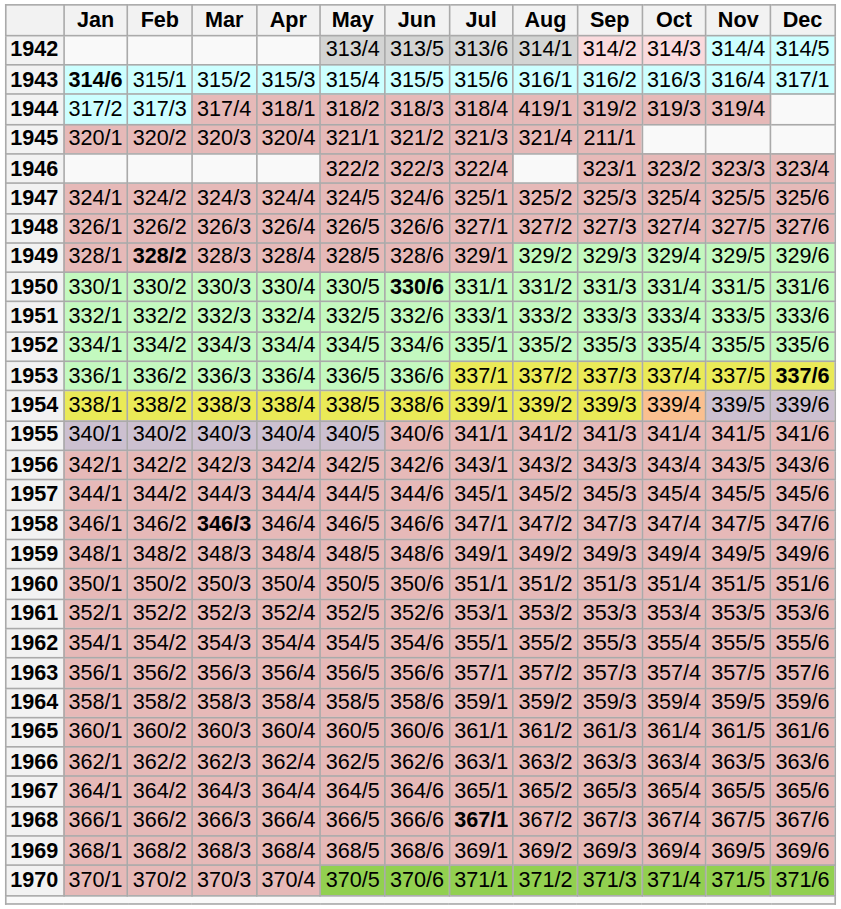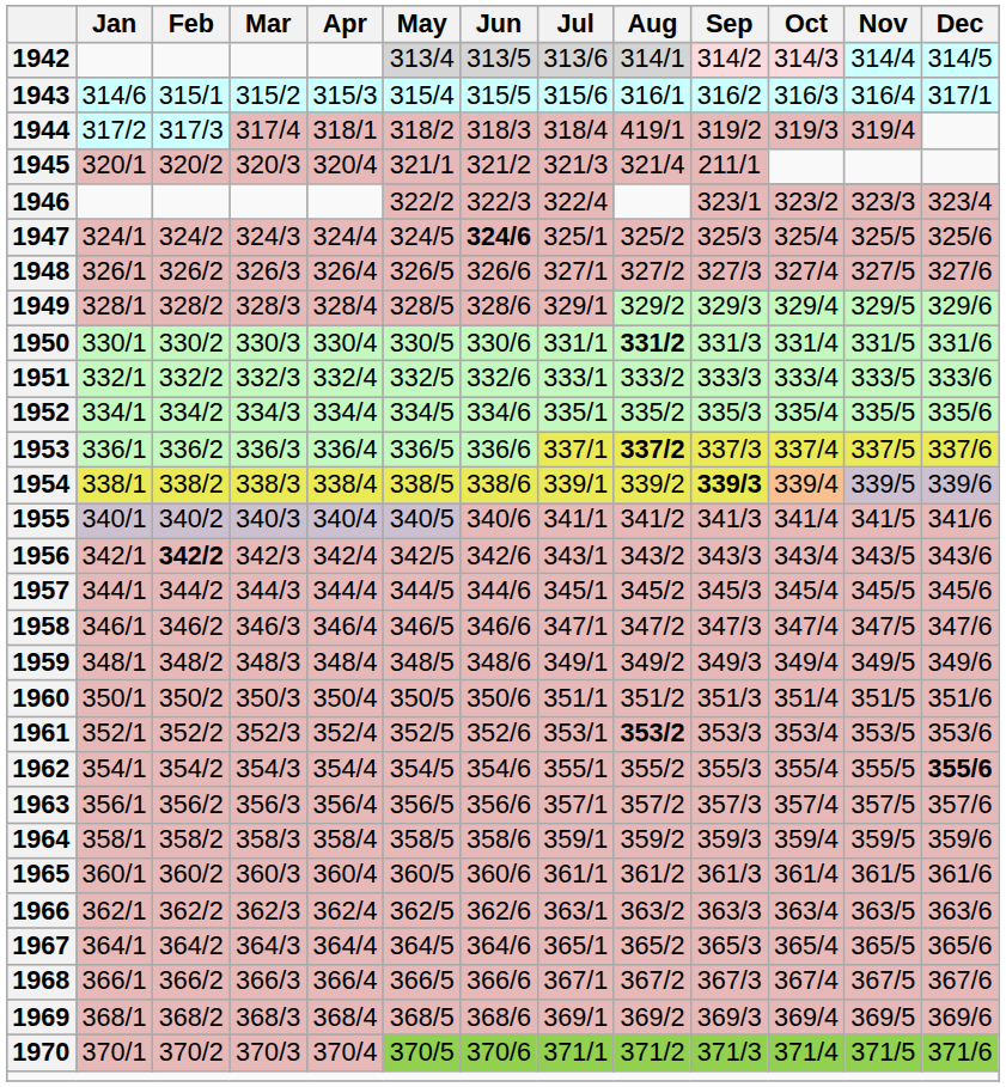 <table class="wikitable mw-collapsible collapsible mw-collapsed" style="max-width:400px; font-size: 10pt; line-height: 9pt; margin-left: 2em; text-align: center; float: right">
 <tr>
 <th></th>
 <th>Jan</th>
 <th>Feb</th>
 <th>Mar</th>
 <th>Apr</th>
 <th>May</th>
 <th>Jun</th>
 <th>Jul</th>
 <th>Aug</th>
 <th>Sep</th>
 <th>Oct</th>
 <th>Nov</th>
 <th>Dec</th>
 </tr>
 <tr>
 <th>1942</th>
 <td></td>
 <td></td>
 <td></td>
 <td></td>
 <td bgcolor="#d3d4d3">313/4</td>
 <td bgcolor="#d3d4d3">313/5</td>
 <td bgcolor="#d3d4d3">313/6</td>
 <td bgcolor="#d3d4d3">314/1</td>
 <td bgcolor="#fadadd">314/2</td>
 <td bgcolor="#fadadd">314/3</td>
 <td bgcolor="#ccffff">314/4</td>
 <td bgcolor="#ccffff">314/5</td>
 </tr>
 <tr>
 <th>1943</th>
-<td bgcolor="#ccffff"><strong>314/6</strong></td>
+<td bgcolor="#ccffff">314/6</td>
 <td bgcolor="#ccffff">315/1</td>
 <td bgcolor="#ccffff">315/2</td>
 <td bgcolor="#ccffff">315/3</td>
 <td bgcolor="#ccffff">315/4</td>
 <td bgcolor="#ccffff">315/5</td>
 <td bgcolor="#ccffff">315/6</td>
 <td bgcolor="#ccffff">316/1</td>
 <td bgcolor="#ccffff">316/2</td>
 <td bgcolor="#ccffff">316/3</td>
 <td bgcolor="#ccffff">316/4</td>
 <td bgcolor="#ccffff">317/1</td>
 </tr>
 <tr>
 <th>1944</th>
 <td bgcolor="#ccffff">317/2</td>
 <td bgcolor="#ccffff">317/3</td>
 <td bgcolor="#e6b9b8">317/4</td>
 <td bgcolor="#e6b9b8">318/1</td>
 <td bgcolor="#e6b9b8">318/2</td>
 <td bgcolor="#e6b9b8">318/3</td>
 <td bgcolor="#e6b9b8">318/4</td>
 <td bgcolor="#e6b9b8">419/1</td>
 <td bgcolor="#e6b9b8">319/2</td>
 <td bgcolor="#e6b9b8">319/3</td>
 <td bgcolor="#e6b9b8">319/4</td>
 <td></td>
 </tr>
 <tr>
 <th>1945</th>
 <td bgcolor="#e6b9b8">320/1</td>
 <td bgcolor="#e6b9b8">320/2</td>
 <td bgcolor="#e6b9b8">320/3</td>
 <td bgcolor="#e6b9b8">320/4</td>
 <td bgcolor="#e6b9b8">321/1</td>
 <td bgcolor="#e6b9b8">321/2</td>
 <td bgcolor="#e6b9b8">321/3</td>
 <td bgcolor="#e6b9b8">321/4</td>
 <td bgcolor="#e6b9b8">211/1</td>
 <td></td>
 <td></td>
 <td></td>
 </tr>
 <tr>
 <th>1946</th>
 <td></td>
 <td></td>
 <td></td>
 <td></td>
 <td bgcolor="#e6b9b8">322/2</td>
 <td bgcolor="#e6b9b8">322/3</td>
 <td bgcolor="#e6b9b8">322/4</td>
 <td></td>
 <td bgcolor="#e6b9b8">323/1</td>
 <td bgcolor="#e6b9b8">323/2</td>
 <td bgcolor="#e6b9b8">323/3</td>
 <td bgcolor="#e6b9b8">323/4</td>
 </tr>
 <tr>
 <th>1947</th>
 <td bgcolor="#e6b9b8">324/1</td>
 <td bgcolor="#e6b9b8">324/2</td>
 <td bgcolor="#e6b9b8">324/3</td>
 <td bgcolor="#e6b9b8">324/4</td>
 <td bgcolor="#e6b9b8">324/5</td>
-<td bgcolor="#e6b9b8">324/6</td>
+<td bgcolor="#e6b9b8"><strong>324/6</strong></td>
 <td bgcolor="#e6b9b8">325/1</td>
 <td bgcolor="#e6b9b8">325/2</td>
 <td bgcolor="#e6b9b8">325/3</td>
 <td bgcolor="#e6b9b8">325/4</td>
 <td bgcolor="#e6b9b8">325/5</td>
 <td bgcolor="#e6b9b8">325/6</td>
 </tr>
 <tr>
 <th>1948</th>
 <td bgcolor="#e6b9b8">326/1</td>
 <td bgcolor="#e6b9b8">326/2</td>
 <td bgcolor="#e6b9b8">326/3</td>
 <td bgcolor="#e6b9b8">326/4</td>
 <td bgcolor="#e6b9b8">326/5</td>
 <td bgcolor="#e6b9b8">326/6</td>
 <td bgcolor="#e6b9b8">327/1</td>
 <td bgcolor="#e6b9b8">327/2</td>
 <td bgcolor="#e6b9b8">327/3</td>
 <td bgcolor="#e6b9b8">327/4</td>
 <td bgcolor="#e6b9b8">327/5</td>
 <td bgcolor="#e6b9b8">327/6</td>
 </tr>
 <tr>
 <th>1949</th>
 <td bgcolor="#e6b9b8">328/1</td>
-<td bgcolor="#e6b9b8"><strong>328/2</strong></td>
+<td bgcolor="#e6b9b8">328/2</td>
 <td bgcolor="#e6b9b8">328/3</td>
 <td bgcolor="#e6b9b8">328/4</td>
 <td bgcolor="#e6b9b8">328/5</td>
 <td bgcolor="#e6b9b8">328/6</td>
 <td bgcolor="#e6b9b8">329/1</td>
 <td bgcolor="#c3f9bf">329/2</td>
 <td bgcolor="#c3f9bf">329/3</td>
 <td bgcolor="#c3f9bf">329/4</td>
 <td bgcolor="#c3f9bf">329/5</td>
 <td bgcolor="#c3f9bf">329/6</td>
 </tr>
 <tr>
 <th>1950</th>
 <td bgcolor="#c3f9bf">330/1</td>
 <td bgcolor="#c3f9bf">330/2</td>
 <td bgcolor="#c3f9bf">330/3</td>
 <td bgcolor="#c3f9bf">330/4</td>
 <td bgcolor="#c3f9bf">330/5</td>
-<td bgcolor="#c3f9bf"><strong>330/6</strong></td>
+<td bgcolor="#c3f9bf">330/6</td>
 <td bgcolor="#c3f9bf">331/1</td>
-<td bgcolor="#c3f9bf">331/2</td>
+<td bgcolor="#c3f9bf"><strong>331/2</strong></td>
 <td bgcolor="#c3f9bf">331/3</td>
 <td bgcolor="#c3f9bf">331/4</td>
 <td bgcolor="#c3f9bf">331/5</td>
 <td bgcolor="#c3f9bf">331/6</td>
 </tr>
 <tr>
 <th>1951</th>
 <td bgcolor="#c3f9bf">332/1</td>
 <td bgcolor="#c3f9bf">332/2</td>
 <td bgcolor="#c3f9bf">332/3</td>
 <td bgcolor="#c3f9bf">332/4</td>
 <td bgcolor="#c3f9bf">332/5</td>
 <td bgcolor="#c3f9bf">332/6</td>
 <td bgcolor="#c3f9bf">333/1</td>
 <td bgcolor="#c3f9bf">333/2</td>
 <td bgcolor="#c3f9bf">333/3</td>
 <td bgcolor="#c3f9bf">333/4</td>
 <td bgcolor="#c3f9bf">333/5</td>
 <td bgcolor="#c3f9bf">333/6</td>
 </tr>
 <tr>
 <th>1952</th>
 <td bgcolor="#c3f9bf">334/1</td>
 <td bgcolor="#c3f9bf">334/2</td>
 <td bgcolor="#c3f9bf">334/3</td>
 <td bgcolor="#c3f9bf">334/4</td>
 <td bgcolor="#c3f9bf">334/5</td>
 <td bgcolor="#c3f9bf">334/6</td>
 <td bgcolor="#c3f9bf">335/1</td>
 <td bgcolor="#c3f9bf">335/2</td>
 <td bgcolor="#c3f9bf">335/3</td>
 <td bgcolor="#c3f9bf">335/4</td>
 <td bgcolor="#c3f9bf">335/5</td>
 <td bgcolor="#c3f9bf">335/6</td>
 </tr>
 <tr>
 <th>1953</th>
 <td bgcolor="#c3f9bf">336/1</td>
 <td bgcolor="#c3f9bf">336/2</td>
 <td bgcolor="#c3f9bf">336/3</td>
 <td bgcolor="#c3f9bf">336/4</td>
 <td bgcolor="#c3f9bf">336/5</td>
 <td bgcolor="#c3f9bf">336/6</td>
 <td bgcolor="#eaea57">337/1</td>
-<td bgcolor="#eaea57">337/2</td>
+<td bgcolor="#eaea57"><strong>337/2</strong></td>
 <td bgcolor="#eaea57">337/3</td>
 <td bgcolor="#eaea57">337/4</td>
 <td bgcolor="#eaea57">337/5</td>
-<td bgcolor="#eaea57"><strong>337/6</strong></td>
+<td bgcolor="#eaea57">337/6</td>
 </tr>
 <tr>
 <th>1954</th>
 <td bgcolor="#eaea57">338/1</td>
 <td bgcolor="#eaea57">338/2</td>
 <td bgcolor="#eaea57">338/3</td>
 <td bgcolor="#eaea57">338/4</td>
 <td bgcolor="#eaea57">338/5</td>
 <td bgcolor="#eaea57">338/6</td>
 <td bgcolor="#eaea57">339/1</td>
 <td bgcolor="#eaea57">339/2</td>
-<td bgcolor="#eaea57">339/3</td>
+<td bgcolor="#eaea57"><strong>339/3</strong></td>
 <td bgcolor="#fac090">339/4</td>
 <td bgcolor="#ccc0d0">339/5</td>
 <td bgcolor="#ccc0d0">339/6</td>
 </tr>
 <tr>
 <th>1955</th>
 <td bgcolor="#ccc0d0">340/1</td>
 <td bgcolor="#ccc0d0">340/2</td>
 <td bgcolor="#ccc0d0">340/3</td>
 <td bgcolor="#ccc0d0">340/4</td>
 <td bgcolor="#ccc0d0">340/5</td>
 <td bgcolor="#e6b9b8">340/6</td>
 <td bgcolor="#e6b9b8">341/1</td>
 <td bgcolor="#e6b9b8">341/2</td>
 <td bgcolor="#e6b9b8">341/3</td>
 <td bgcolor="#e6b9b8">341/4</td>
 <td bgcolor="#e6b9b8">341/5</td>
 <td bgcolor="#e6b9b8">341/6</td>
 </tr>
 <tr>
 <th>1956</th>
 <td bgcolor="#e6b9b8">342/1</td>
-<td bgcolor="#e6b9b8">342/2</td>
+<td bgcolor="#e6b9b8"><strong>342/2</strong></td>
 <td bgcolor="#e6b9b8">342/3</td>
 <td bgcolor="#e6b9b8">342/4</td>
 <td bgcolor="#e6b9b8">342/5</td>
 <td bgcolor="#e6b9b8">342/6</td>
 <td bgcolor="#e6b9b8">343/1</td>
 <td bgcolor="#e6b9b8">343/2</td>
 <td bgcolor="#e6b9b8">343/3</td>
 <td bgcolor="#e6b9b8">343/4</td>
 <td bgcolor="#e6b9b8">343/5</td>
 <td bgcolor="#e6b9b8">343/6</td>
 </tr>
 <tr>
 <th>1957</th>
 <td bgcolor="#e6b9b8">344/1</td>
 <td bgcolor="#e6b9b8">344/2</td>
 <td bgcolor="#e6b9b8">344/3</td>
 <td bgcolor="#e6b9b8">344/4</td>
 <td bgcolor="#e6b9b8">344/5</td>
 <td bgcolor="#e6b9b8">344/6</td>
 <td bgcolor="#e6b9b8">345/1</td>
 <td bgcolor="#e6b9b8">345/2</td>
 <td bgcolor="#e6b9b8">345/3</td>
 <td bgcolor="#e6b9b8">345/4</td>
 <td bgcolor="#e6b9b8">345/5</td>
 <td bgcolor="#e6b9b8">345/6</td>
 </tr>
 <tr>
 <th>1958</th>
 <td bgcolor="#e6b9b8">346/1</td>
 <td bgcolor="#e6b9b8">346/2</td>
-<td bgcolor="#e6b9b8"><strong>346/3</strong></td>
+<td bgcolor="#e6b9b8">346/3</td>
 <td bgcolor="#e6b9b8">346/4</td>
 <td bgcolor="#e6b9b8">346/5</td>
 <td bgcolor="#e6b9b8">346/6</td>
 <td bgcolor="#e6b9b8">347/1</td>
 <td bgcolor="#e6b9b8">347/2</td>
 <td bgcolor="#e6b9b8">347/3</td>
 <td bgcolor="#e6b9b8">347/4</td>
 <td bgcolor="#e6b9b8">347/5</td>
 <td bgcolor="#e6b9b8">347/6</td>
 </tr>
 <tr>
 <th>1959</th>
 <td bgcolor="#e6b9b8">348/1</td>
 <td bgcolor="#e6b9b8">348/2</td>
 <td bgcolor="#e6b9b8">348/3</td>
 <td bgcolor="#e6b9b8">348/4</td>
 <td bgcolor="#e6b9b8">348/5</td>
 <td bgcolor="#e6b9b8">348/6</td>
 <td bgcolor="#e6b9b8">349/1</td>
 <td bgcolor="#e6b9b8">349/2</td>
 <td bgcolor="#e6b9b8">349/3</td>
 <td bgcolor="#e6b9b8">349/4</td>
 <td bgcolor="#e6b9b8">349/5</td>
 <td bgcolor="#e6b9b8">349/6</td>
 </tr>
 <tr>
 <th>1960</th>
 <td bgcolor="#e6b9b8">350/1</td>
 <td bgcolor="#e6b9b8">350/2</td>
 <td bgcolor="#e6b9b8">350/3</td>
 <td bgcolor="#e6b9b8">350/4</td>
 <td bgcolor="#e6b9b8">350/5</td>
 <td bgcolor="#e6b9b8">350/6</td>
 <td bgcolor="#e6b9b8">351/1</td>
 <td bgcolor="#e6b9b8">351/2</td>
 <td bgcolor="#e6b9b8">351/3</td>
 <td bgcolor="#e6b9b8">351/4</td>
 <td bgcolor="#e6b9b8">351/5</td>
 <td bgcolor="#e6b9b8">351/6</td>
 </tr>
 <tr>
 <th>1961</th>
 <td bgcolor="#e6b9b8">352/1</td>
 <td bgcolor="#e6b9b8">352/2</td>
 <td bgcolor="#e6b9b8">352/3</td>
 <td bgcolor="#e6b9b8">352/4</td>
 <td bgcolor="#e6b9b8">352/5</td>
 <td bgcolor="#e6b9b8">352/6</td>
 <td bgcolor="#e6b9b8">353/1</td>
-<td bgcolor="#e6b9b8">353/2</td>
+<td bgcolor="#e6b9b8"><strong>353/2</strong></td>
 <td bgcolor="#e6b9b8">353/3</td>
 <td bgcolor="#e6b9b8">353/4</td>
 <td bgcolor="#e6b9b8">353/5</td>
 <td bgcolor="#e6b9b8">353/6</td>
 </tr>
 <tr>
 <th>1962</th>
 <td bgcolor="#e6b9b8">354/1</td>
 <td bgcolor="#e6b9b8">354/2</td>
 <td bgcolor="#e6b9b8">354/3</td>
 <td bgcolor="#e6b9b8">354/4</td>
 <td bgcolor="#e6b9b8">354/5</td>
 <td bgcolor="#e6b9b8">354/6</td>
 <td bgcolor="#e6b9b8">355/1</td>
 <td bgcolor="#e6b9b8">355/2</td>
 <td bgcolor="#e6b9b8">355/3</td>
 <td bgcolor="#e6b9b8">355/4</td>
 <td bgcolor="#e6b9b8">355/5</td>
-<td bgcolor="#e6b9b8">355/6</td>
+<td bgcolor="#e6b9b8"><strong>355/6</strong></td>
 </tr>
 <tr>
 <th>1963</th>
 <td bgcolor="#e6b9b8">356/1</td>
 <td bgcolor="#e6b9b8">356/2</td>
 <td bgcolor="#e6b9b8">356/3</td>
 <td bgcolor="#e6b9b8">356/4</td>
 <td bgcolor="#e6b9b8">356/5</td>
 <td bgcolor="#e6b9b8">356/6</td>
 <td bgcolor="#e6b9b8">357/1</td>
 <td bgcolor="#e6b9b8">357/2</td>
 <td bgcolor="#e6b9b8">357/3</td>
 <td bgcolor="#e6b9b8">357/4</td>
 <td bgcolor="#e6b9b8">357/5</td>
 <td bgcolor="#e6b9b8">357/6</td>
 </tr>
 <tr>
 <th>1964</th>
 <td bgcolor="#e6b9b8">358/1</td>
 <td bgcolor="#e6b9b8">358/2</td>
 <td bgcolor="#e6b9b8">358/3</td>
 <td bgcolor="#e6b9b8">358/4</td>
 <td bgcolor="#e6b9b8">358/5</td>
 <td bgcolor="#e6b9b8">358/6</td>
 <td bgcolor="#e6b9b8">359/1</td>
 <td bgcolor="#e6b9b8">359/2</td>
 <td bgcolor="#e6b9b8">359/3</td>
 <td bgcolor="#e6b9b8">359/4</td>
 <td bgcolor="#e6b9b8">359/5</td>
 <td bgcolor="#e6b9b8">359/6</td>
 </tr>
 <tr>
 <th>1965</th>
 <td bgcolor="#e6b9b8">360/1</td>
 <td bgcolor="#e6b9b8">360/2</td>
 <td bgcolor="#e6b9b8">360/3</td>
 <td bgcolor="#e6b9b8">360/4</td>
 <td bgcolor="#e6b9b8">360/5</td>
 <td bgcolor="#e6b9b8">360/6</td>
 <td bgcolor="#e6b9b8">361/1</td>
 <td bgcolor="#e6b9b8">361/2</td>
 <td bgcolor="#e6b9b8">361/3</td>
 <td bgcolor="#e6b9b8">361/4</td>
 <td bgcolor="#e6b9b8">361/5</td>
 <td bgcolor="#e6b9b8">361/6</td>
 </tr>
 <tr>
 <th>1966</th>
 <td bgcolor="#e6b9b8">362/1</td>
 <td bgcolor="#e6b9b8">362/2</td>
 <td bgcolor="#e6b9b8">362/3</td>
 <td bgcolor="#e6b9b8">362/4</td>
 <td bgcolor="#e6b9b8">362/5</td>
 <td bgcolor="#e6b9b8">362/6</td>
 <td bgcolor="#e6b9b8">363/1</td>
 <td bgcolor="#e6b9b8">363/2</td>
 <td bgcolor="#e6b9b8">363/3</td>
 <td bgcolor="#e6b9b8">363/4</td>
 <td bgcolor="#e6b9b8">363/5</td>
 <td bgcolor="#e6b9b8">363/6</td>
 </tr>
 <tr>
 <th>1967</th>
 <td bgcolor="#e6b9b8">364/1</td>
 <td bgcolor="#e6b9b8">364/2</td>
 <td bgcolor="#e6b9b8">364/3</td>
 <td bgcolor="#e6b9b8">364/4</td>
 <td bgcolor="#e6b9b8">364/5</td>
 <td bgcolor="#e6b9b8">364/6</td>
 <td bgcolor="#e6b9b8">365/1</td>
 <td bgcolor="#e6b9b8">365/2</td>
 <td bgcolor="#e6b9b8">365/3</td>
 <td bgcolor="#e6b9b8">365/4</td>
 <td bgcolor="#e6b9b8">365/5</td>
 <td bgcolor="#e6b9b8">365/6</td>
 </tr>
 <tr>
 <th>1968</th>
 <td bgcolor="#e6b9b8">366/1</td>
 <td bgcolor="#e6b9b8">366/2</td>
 <td bgcolor="#e6b9b8">366/3</td>
 <td bgcolor="#e6b9b8">366/4</td>
 <td bgcolor="#e6b9b8">366/5</td>
 <td bgcolor="#e6b9b8">366/6</td>
-<td bgcolor="#e6b9b8"><strong>367/1</strong></td>
+<td bgcolor="#e6b9b8">367/1</td>
 <td bgcolor="#e6b9b8">367/2</td>
 <td bgcolor="#e6b9b8">367/3</td>
 <td bgcolor="#e6b9b8">367/4</td>
 <td bgcolor="#e6b9b8">367/5</td>
 <td bgcolor="#e6b9b8">367/6</td>
 </tr>
 <tr>
 <th>1969</th>
 <td bgcolor="#e6b9b8">368/1</td>
 <td bgcolor="#e6b9b8">368/2</td>
 <td bgcolor="#e6b9b8">368/3</td>
 <td bgcolor="#e6b9b8">368/4</td>
 <td bgcolor="#e6b9b8">368/5</td>
 <td bgcolor="#e6b9b8">368/6</td>
 <td bgcolor="#e6b9b8">369/1</td>
 <td bgcolor="#e6b9b8">369/2</td>
 <td bgcolor="#e6b9b8">369/3</td>
 <td bgcolor="#e6b9b8">369/4</td>
 <td bgcolor="#e6b9b8">369/5</td>
 <td bgcolor="#e6b9b8">369/6</td>
 </tr>
 <tr>
 <th>1970</th>
 <td bgcolor="#e6b9b8">370/1</td>
 <td bgcolor="#e6b9b8">370/2</td>
 <td bgcolor="#e6b9b8">370/3</td>
 <td bgcolor="#e6b9b8">370/4</td>
 <td bgcolor="#92d050">370/5</td>
 <td bgcolor="#92d050">370/6</td>
 <td bgcolor="#92d050">371/1</td>
 <td bgcolor="#92d050">371/2</td>
 <td bgcolor="#92d050">371/3</td>
 <td bgcolor="#92d050">371/4</td>
 <td bgcolor="#92d050">371/5</td>
 <td bgcolor="#92d050">371/6</td>
 </tr>
 <tr>
 <td colspan="13" style="font-size: 9pt; text-align:left; line-height: 10pt;">         </td>
 </tr>
 </table>
